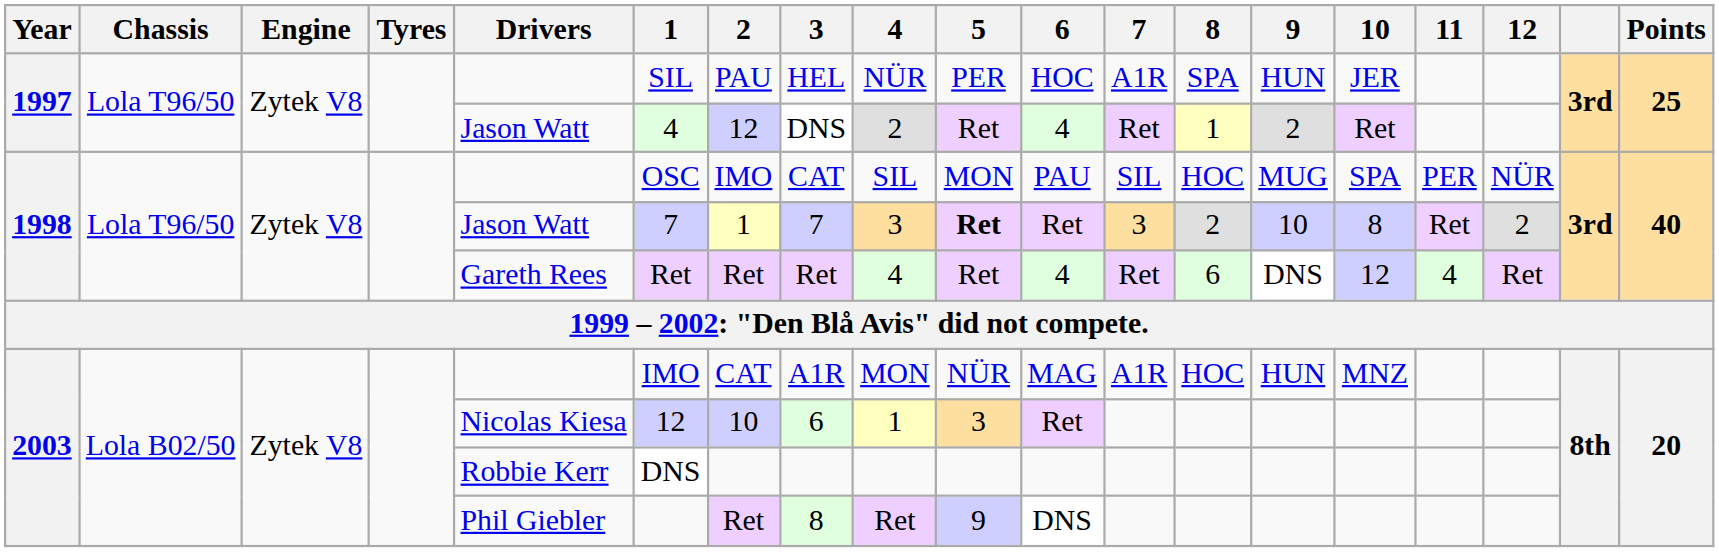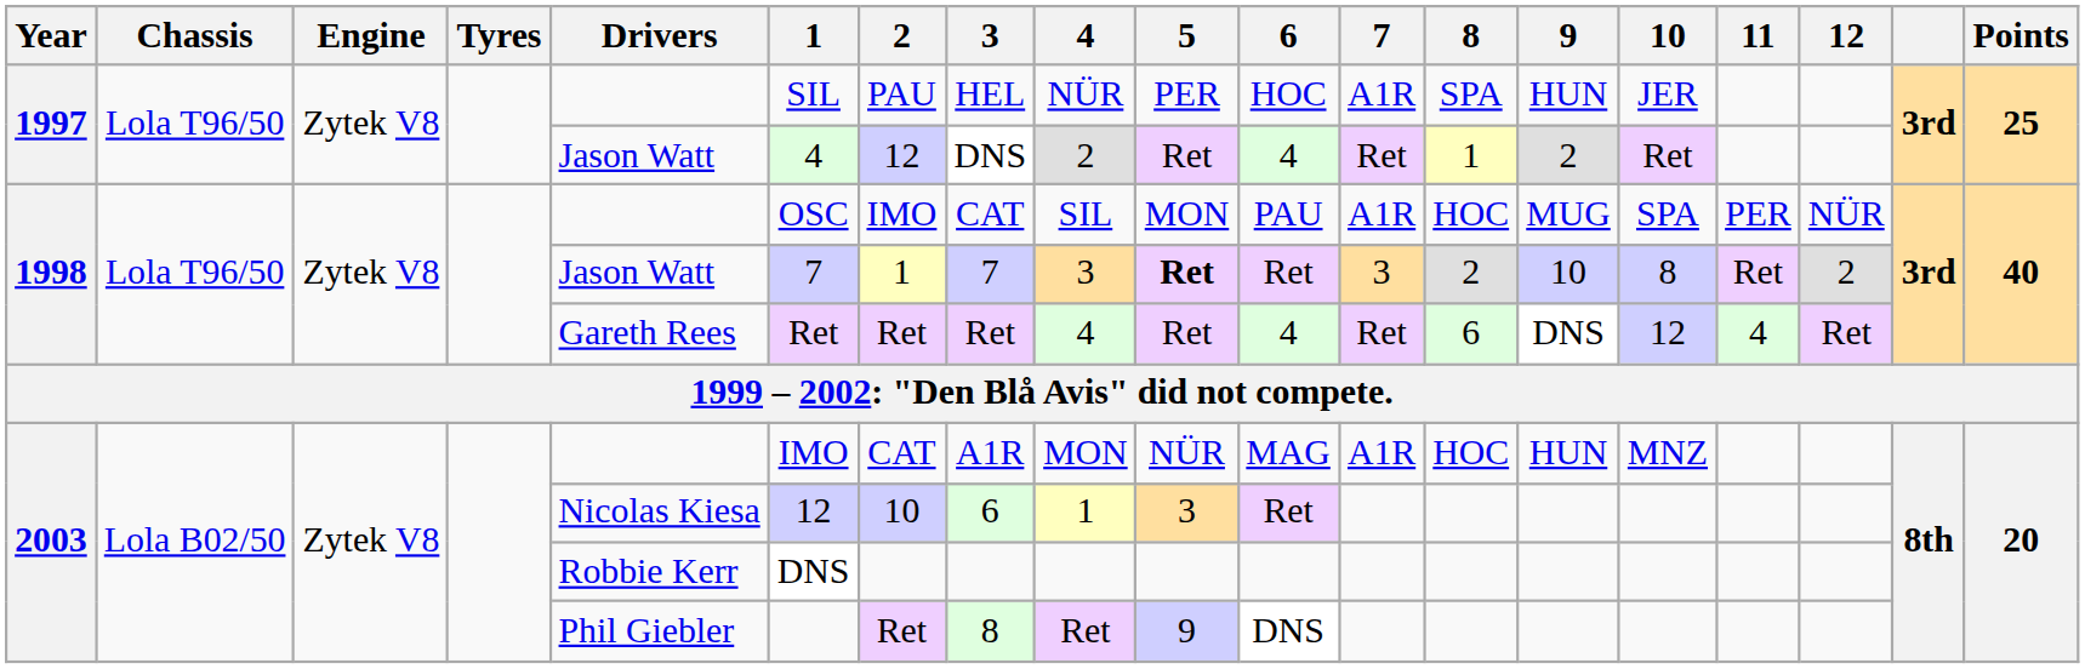 <table class="wikitable" style="text-align:center; font-size:85%">
 <tr>
 <th>Year</th>
 <th>Chassis</th>
 <th>Engine</th>
 <th>Tyres</th>
 <th>Drivers</th>
 <th>1</th>
 <th>2</th>
 <th>3</th>
 <th>4</th>
 <th>5</th>
 <th>6</th>
 <th>7</th>
 <th>8</th>
 <th>9</th>
 <th>10</th>
 <th>11</th>
 <th>12</th>
 <th></th>
 <th>Points</th>
 </tr>
 <tr>
 <th rowspan="2"><a href='#'>1997</a></th>
 <td rowspan="2"><a href='#'>Lola T96/50</a></td>
 <td rowspan="2">Zytek <a href='#'>V8</a></td>
 <td rowspan="2"></td>
 <td></td>
 <td><a href='#'>SIL</a></td>
 <td><a href='#'>PAU</a></td>
 <td><a href='#'>HEL</a></td>
 <td><a href='#'>NÜR</a></td>
 <td><a href='#'>PER</a></td>
 <td><a href='#'>HOC</a></td>
 <td><a href='#'>A1R</a></td>
 <td><a href='#'>SPA</a></td>
 <td><a href='#'>HUN</a></td>
 <td><a href='#'>JER</a></td>
 <td></td>
 <td></td>
 <td rowspan="2" style="background:#FFDF9F;"><strong>3rd</strong></td>
 <td rowspan="2" style="background:#FFDF9F;"><strong>25</strong></td>
 </tr>
 <tr>
 <td align="left"> <a href='#'>Jason Watt</a></td>
 <td style="background:#DFFFDF;">4</td>
 <td style="background:#CFCFFF;">12</td>
 <td style="background:#FFFFFF;">DNS</td>
 <td style="background:#DFDFDF;">2</td>
 <td style="background:#EFCFFF;">Ret</td>
 <td style="background:#DFFFDF;">4</td>
 <td style="background:#EFCFFF;">Ret</td>
 <td style="background:#FFFFBF;">1</td>
 <td style="background:#DFDFDF;">2</td>
 <td style="background:#EFCFFF;">Ret</td>
 <td></td>
 <td></td>
 </tr>
 <tr>
 <th rowspan="3"><a href='#'>1998</a></th>
 <td rowspan="3"><a href='#'>Lola T96/50</a></td>
 <td rowspan="3">Zytek <a href='#'>V8</a></td>
 <td rowspan="3"></td>
 <td></td>
 <td><a href='#'>OSC</a></td>
 <td><a href='#'>IMO</a></td>
 <td><a href='#'>CAT</a></td>
 <td><a href='#'>SIL</a></td>
 <td><a href='#'>MON</a></td>
 <td><a href='#'>PAU</a></td>
-<td><a href='#'>SIL</a></td>
+<td><a href='#'>A1R</a></td>
 <td><a href='#'>HOC</a></td>
 <td><a href='#'>MUG</a></td>
 <td><a href='#'>SPA</a></td>
 <td><a href='#'>PER</a></td>
 <td><a href='#'>NÜR</a></td>
 <td rowspan="3" style="background:#FFDF9F;"><strong>3rd</strong></td>
 <td rowspan="3" style="background:#FFDF9F;"><strong>40</strong></td>
 </tr>
 <tr>
 <td align="left"> <a href='#'>Jason Watt</a></td>
 <td style="background:#CFCFFF;">7</td>
 <td style="background:#FFFFBF;">1</td>
 <td style="background:#CFCFFF;">7</td>
 <td style="background:#FFDF9F;">3</td>
 <td style="background:#EFCFFF;"><strong>Ret</strong></td>
 <td style="background:#EFCFFF;">Ret</td>
 <td style="background:#FFDF9F;">3</td>
 <td style="background:#DFDFDF;">2</td>
 <td style="background:#CFCFFF;">10</td>
 <td style="background:#CFCFFF;">8</td>
 <td style="background:#EFCFFF;">Ret</td>
 <td style="background:#DFDFDF;">2</td>
 </tr>
 <tr>
 <td align="left"> <a href='#'>Gareth Rees</a></td>
 <td style="background:#EFCFFF;">Ret</td>
 <td style="background:#EFCFFF;">Ret</td>
 <td style="background:#EFCFFF;">Ret</td>
 <td style="background:#DFFFDF;">4</td>
 <td style="background:#EFCFFF;">Ret</td>
 <td style="background:#DFFFDF;">4</td>
 <td style="background:#EFCFFF;">Ret</td>
 <td style="background:#DFFFDF;">6</td>
 <td style="background:#ffffff;">DNS</td>
 <td style="background:#CFCFFF;">12</td>
 <td style="background:#DFFFDF;">4</td>
 <td style="background:#EFCFFF;">Ret</td>
 </tr>
 <tr>
 <th colspan=19><a href='#'>1999</a> – <a href='#'>2002</a>: "Den Blå Avis" did not compete.</th>
 </tr>
 <tr>
 <th rowspan="4"><a href='#'>2003</a></th>
 <td rowspan="4"><a href='#'>Lola B02/50</a></td>
 <td rowspan="4">Zytek <a href='#'>V8</a></td>
 <td rowspan="4"></td>
 <td></td>
 <td><a href='#'>IMO</a></td>
 <td><a href='#'>CAT</a></td>
 <td><a href='#'>A1R</a></td>
 <td><a href='#'>MON</a></td>
 <td><a href='#'>NÜR</a></td>
 <td><a href='#'>MAG</a></td>
 <td><a href='#'>A1R</a></td>
 <td><a href='#'>HOC</a></td>
 <td><a href='#'>HUN</a></td>
 <td><a href='#'>MNZ</a></td>
 <td></td>
 <td></td>
 <th rowspan="4"><strong>8th</strong></th>
 <th rowspan="4"><strong>20</strong></th>
 </tr>
 <tr>
 <td align="left"> <a href='#'>Nicolas Kiesa</a></td>
 <td style="background:#CFCFFF;">12</td>
 <td style="background:#CFCFFF;">10</td>
 <td style="background:#DFFFDF;">6</td>
 <td style="background:#FFFFBF;">1</td>
 <td style="background:#FFDF9F;">3</td>
 <td style="background:#EFCFFF;">Ret</td>
 <td></td>
 <td></td>
 <td></td>
 <td></td>
 <td></td>
 <td></td>
 </tr>
 <tr>
 <td align="left"> <a href='#'>Robbie Kerr</a></td>
 <td style="background:#ffffff;">DNS</td>
 <td></td>
 <td></td>
 <td></td>
 <td></td>
 <td></td>
 <td></td>
 <td></td>
 <td></td>
 <td></td>
 <td></td>
 <td></td>
 </tr>
 <tr>
 <td align="left"> <a href='#'>Phil Giebler</a></td>
 <td></td>
 <td style="background:#EFCFFF;">Ret</td>
 <td style="background:#DFFFDF;">8</td>
 <td style="background:#EFCFFF;">Ret</td>
 <td style="background:#CFCFFF;">9</td>
 <td style="background:#ffffff;">DNS</td>
 <td></td>
 <td></td>
 <td></td>
 <td></td>
 <td></td>
 <td></td>
 </tr>
 </table>
